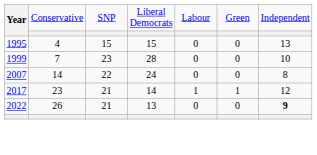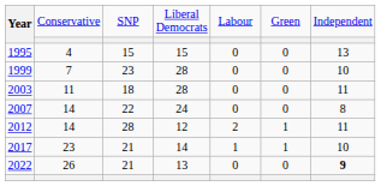 <table class=wikitable style=text-align:center>
 <tr>
 <th rowspan=2>Year</th>
 <td width="60"><a href='#'>Conservative</a></td>
 <td width="60"><a href='#'>SNP</a></td>
 <td width="60"><a href='#'>Liberal Democrats</a></td>
 <td width="60"><a href='#'>Labour</a></td>
 <td width="60"><a href='#'>Green</a></td>
 <td width="60"><a href='#'>Independent</a></td>
 </tr>
 <tr>
 <th style="background-color: "></th>
 <th style="background-color: "></th>
 <th style="background-color: "></th>
 <th style="background-color: "></th>
 <th style="background-color: "></th>
 <th style="background-color: "></th>
 </tr>
 <tr>
 <td><a href='#'>1995</a></td>
 <td>4</td>
 <td>15</td>
 <td>15</td>
 <td>0</td>
 <td>0</td>
 <td>13</td>
 </tr>
 <tr>
 <td><a href='#'>1999</a></td>
 <td>7</td>
 <td>23</td>
 <td>28</td>
 <td>0</td>
 <td>0</td>
 <td>10</td>
 </tr>
 <tr>
+<td><a href='#'>2003</a></td>
+<td>11</td>
+<td>18</td>
+<td>28</td>
+<td>0</td>
+<td>0</td>
+<td>11</td>
+</tr>
+<tr>
 <td><a href='#'>2007</a></td>
 <td>14</td>
 <td>22</td>
 <td>24</td>
 <td>0</td>
 <td>0</td>
 <td>8</td>
 </tr>
 <tr>
+<td><a href='#'>2012</a></td>
+<td>14</td>
+<td>28</td>
+<td>12</td>
+<td>2</td>
+<td>1</td>
+<td>11</td>
+</tr>
+<tr>
 <td><a href='#'>2017</a></td>
 <td>23</td>
 <td>21</td>
 <td>14</td>
 <td>1</td>
 <td>1</td>
-<td>12</td>
+<td>10</td>
 </tr>
 <tr>
 <td><a href='#'>2022</a></td>
 <td>26</td>
 <td>21</td>
 <td>13</td>
 <td>0</td>
 <td>0</td>
 <td><strong>9</strong></td>
 </tr>
 <tr>
 <th></th>
 <th style="background-color: "></th>
 <th style="background-color: "></th>
 <th style="background-color: "></th>
 <th style="background-color: "></th>
 <th style="background-color: "></th>
 <th style="background-color: "></th>
 </tr>
 </table>
